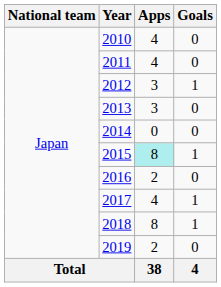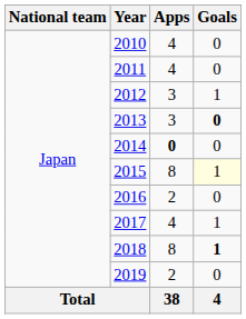 <table class="wikitable" style="text-align:center">
 <tr>
 <th>National team</th>
 <th>Year</th>
 <th>Apps</th>
 <th>Goals</th>
 </tr>
 <tr>
 <td rowspan="10"><a href='#'>Japan</a></td>
 <td><a href='#'>2010</a></td>
 <td>4</td>
 <td>0</td>
 </tr>
 <tr>
 <td><a href='#'>2011</a></td>
 <td>4</td>
 <td>0</td>
 </tr>
 <tr>
 <td><a href='#'>2012</a></td>
 <td>3</td>
 <td>1</td>
 </tr>
 <tr>
 <td><a href='#'>2013</a></td>
 <td>3</td>
-<td>0</td>
+<td><strong>0</strong></td>
 </tr>
 <tr>
 <td><a href='#'>2014</a></td>
-<td>0</td>
+<td><strong>0</strong></td>
 <td>0</td>
 </tr>
 <tr>
 <td><a href='#'>2015</a></td>
-<td style="background: paleturquoise;">8</td>
-<td>1</td>
+<td>8</td>
+<td style="background: lightyellow;">1</td>
 </tr>
 <tr>
 <td><a href='#'>2016</a></td>
 <td>2</td>
 <td>0</td>
 </tr>
 <tr>
 <td><a href='#'>2017</a></td>
 <td>4</td>
 <td>1</td>
 </tr>
 <tr>
 <td><a href='#'>2018</a></td>
 <td>8</td>
-<td>1</td>
+<td><strong>1</strong></td>
 </tr>
 <tr>
 <td><a href='#'>2019</a></td>
 <td>2</td>
 <td>0</td>
 </tr>
 <tr>
 <th colspan="2">Total</th>
 <th>38</th>
 <th>4</th>
 </tr>
 </table>
